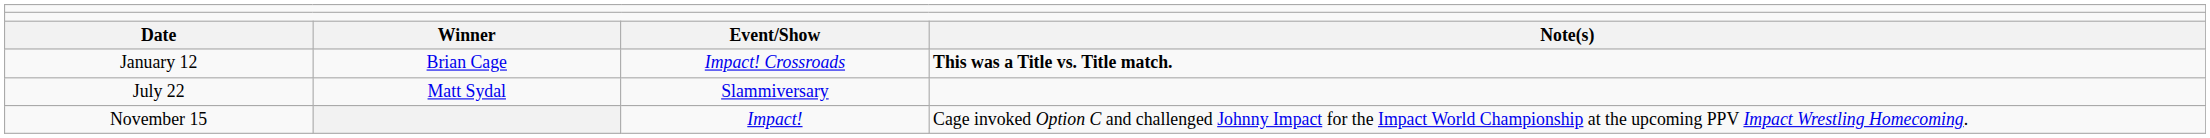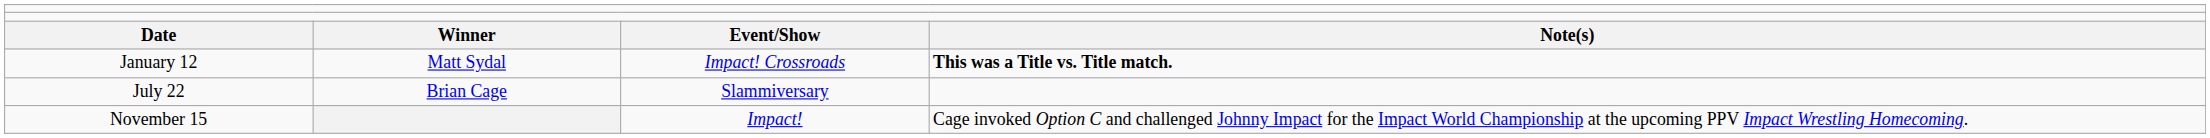 <table class="wikitable" style="text-align:center; width:100%;">
 <tr>
 <td colspan="5"></td>
 </tr>
 <tr>
 <td colspan="5"><strong></strong></td>
 </tr>
 <tr>
 <th width=14%>Date</th>
 <th width=14%>Winner</th>
 <th width=14%>Event/Show</th>
 <th width=58%>Note(s)</th>
 </tr>
 <tr>
 <td>January 12<br></td>
-<td><a href='#'>Brian Cage</a></td>
+<td><a href='#'>Matt Sydal</a></td>
 <td><em><a href='#'>Impact! Crossroads</a></em></td>
 <td align=left><strong>This was a Title vs. Title match.</strong></td>
 </tr>
 <tr>
 <td>July 22</td>
-<td><a href='#'>Matt Sydal</a></td>
+<td><a href='#'>Brian Cage</a></td>
 <td><a href='#'>Slammiversary</a></td>
 <td></td>
 </tr>
 <tr>
 <td>November 15</td>
 <th></th>
 <td><em><a href='#'>Impact!</a></em></td>
 <td align=left>Cage invoked <em>Option C</em> and challenged <a href='#'>Johnny Impact</a> for the <a href='#'>Impact World Championship</a> at the upcoming PPV <em><a href='#'>Impact Wrestling Homecoming</a></em>.</td>
 </tr>
 </table>
